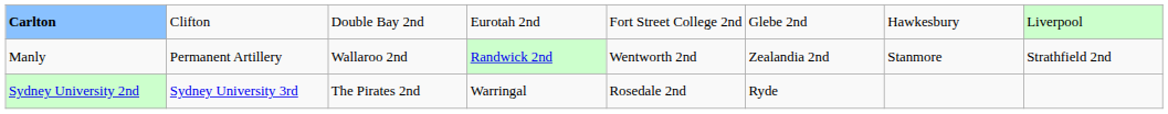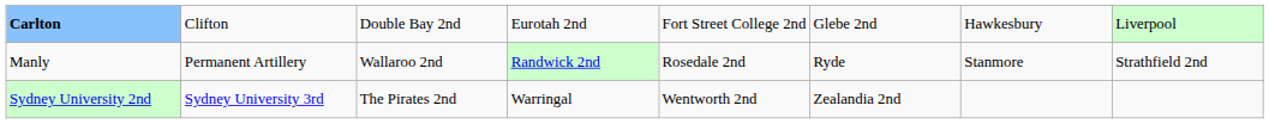 <table class="wikitable" style="margin:auto; text-valign:center; text-align:left;">
 <tr style="line-height:200%">
 <td width="175", style="background: #89c1ff;"><strong>Carlton</strong></td>
 <td width="175">Clifton</td>
 <td width="150">Double Bay 2nd</td>
 <td width="150">Eurotah 2nd</td>
 <td width="150">Fort Street College 2nd</td>
 <td width="150">Glebe 2nd</td>
 <td width="150">Hawkesbury</td>
 <td width="150", style="background: #ccffcc;">Liverpool</td>
 </tr>
 <tr style="line-height:200%">
 <td> Manly</td>
 <td>Permanent Artillery</td>
 <td> Wallaroo 2nd</td>
 <td style="background: #ccffcc;"> <a href='#'>Randwick 2nd</a></td>
-<td>Wentworth 2nd</td>
-<td> Zealandia 2nd</td>
+<td> Rosedale 2nd</td>
+<td>Ryde</td>
 <td>Stanmore</td>
 <td> Strathfield 2nd</td>
 </tr>
 <tr style="line-height:200%">
 <td style="background: #ccffcc;"> <a href='#'>Sydney University 2nd</a></td>
 <td> <a href='#'>Sydney University 3rd</a></td>
 <td> The Pirates 2nd</td>
 <td>Warringal</td>
-<td> Rosedale 2nd</td>
-<td>Ryde</td>
+<td>Wentworth 2nd</td>
+<td> Zealandia 2nd</td>
 <td></td>
 <td></td>
 </tr>
 </table>
